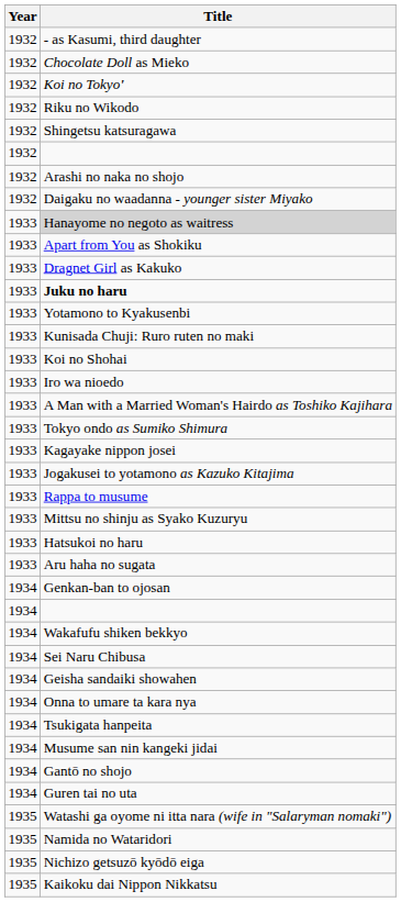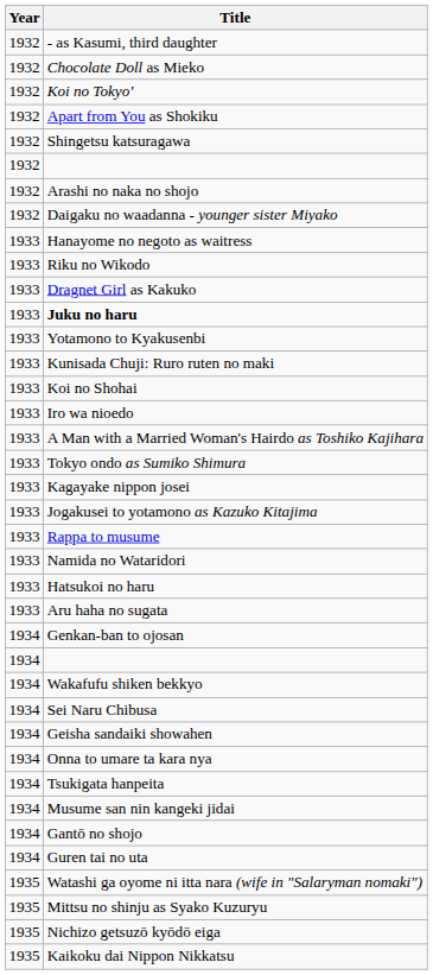 <table class="wikitable">
 <tr>
 <th>Year</th>
 <th>Title</th>
 </tr>
 <tr>
 <td>1932</td>
 <td> - as Kasumi, third daughter</td>
 </tr>
 <tr>
 <td>1932</td>
 <td><em>Chocolate Doll</em> as Mieko</td>
 </tr>
 <tr>
 <td>1932</td>
 <td><em>Koi no Tokyo<strong>'</td>
 </tr>
 <tr>
 <td>1932</td>
-<td></em>Riku no Wikodo<em></td>
+<td><a href='#'>Apart from You</a> as Shokiku</td>
 </tr>
 <tr>
 <td>1932</td>
 <td></em>Shingetsu katsuragawa<em></td>
 </tr>
 <tr>
 <td>1932</td>
 <td></td>
 </tr>
 <tr>
 <td>1932</td>
 <td>Arashi no naka no shojo</td>
 </tr>
 <tr>
 <td>1932</td>
 <td></em>Daigaku no  waadanna<em> - younger sister Miyako</td>
 </tr>
 <tr>
 <td>1933</td>
-<td style="background: lightgrey;"></em>Hanayome no negoto</strong> as waitress</td>
+<td></em>Hanayome no negoto</strong> as waitress</td>
 </tr>
 <tr>
 <td>1933</td>
-<td><a href='#'>Apart from You</a> as Shokiku</td>
+<td></em>Riku no Wikodo<em></td>
 </tr>
 <tr>
 <td>1933</td>
 <td><a href='#'>Dragnet Girl</a> as Kakuko</td>
 </tr>
 <tr>
 <td>1933</td>
 <td><strong>Juku no haru<em></td>
 </tr>
 <tr>
 <td>1933</td>
 <td></em>Yotamono to Kyakusenbi<em></td>
 </tr>
 <tr>
 <td>1933</td>
 <td></em>Kunisada Chuji: Ruro ruten no maki<em></td>
 </tr>
 <tr>
 <td>1933</td>
 <td></em>Koi no Shohai<em></td>
 </tr>
 <tr>
 <td>1933</td>
 <td></em>Iro wa nioedo<em></td>
 </tr>
 <tr>
 <td>1933</td>
 <td></em>A Man with a Married Woman's Hairdo<em> as Toshiko Kajihara</td>
 </tr>
 <tr>
 <td>1933</td>
 <td></em>Tokyo ondo<em> as Sumiko Shimura</td>
 </tr>
 <tr>
 <td>1933</td>
 <td>Kagayake nippon josei</td>
 </tr>
 <tr>
 <td>1933</td>
 <td></em>Jogakusei to yotamono<em> as Kazuko Kitajima</td>
 </tr>
 <tr>
 <td>1933</td>
 <td></em><a href='#'>Rappa to musume</a><em></td>
 </tr>
 <tr>
 <td>1933</td>
-<td></em>Mittsu no shinju as Syako Kuzuryu<em></td>
+<td></em>Namida no Wataridori<em></td>
 </tr>
 <tr>
 <td>1933</td>
 <td></em>Hatsukoi no haru<em></td>
 </tr>
 <tr>
 <td>1933</td>
 <td></em>Aru haha no sugata<em></td>
 </tr>
 <tr>
 <td>1934</td>
 <td></em>Genkan-ban to ojosan<em></td>
 </tr>
 <tr>
 <td>1934</td>
 <td></td>
 </tr>
 <tr>
 <td>1934</td>
 <td></em>Wakafufu shiken bekkyo<em></td>
 </tr>
 <tr>
 <td>1934</td>
 <td></em>Sei Naru Chibusa<em></td>
 </tr>
 <tr>
 <td>1934</td>
 <td></em>Geisha sandaiki showahen<em></td>
 </tr>
 <tr>
 <td>1934</td>
 <td></em>Onna to umare ta kara nya<em></td>
 </tr>
 <tr>
 <td>1934</td>
 <td></em>Tsukigata hanpeita<em></td>
 </tr>
 <tr>
 <td>1934</td>
 <td></em>Musume san nin kangeki jidai<em></td>
 </tr>
 <tr>
 <td>1934</td>
 <td></em>Gantō no shojo<em></td>
 </tr>
 <tr>
 <td>1934</td>
 <td></em>Guren tai no uta<em></td>
 </tr>
 <tr>
 <td>1935</td>
 <td></em>Watashi ga oyome ni itta nara<em> (wife  in "Salaryman nomaki")</td>
 </tr>
 <tr>
 <td>1935</td>
-<td></em>Namida no Wataridori<em></td>
+<td></em>Mittsu no shinju as Syako Kuzuryu<em></td>
 </tr>
 <tr>
 <td>1935</td>
 <td></em>Nichizo getsuzō  kyōdō eiga<em></td>
 </tr>
 <tr>
 <td>1935</td>
 <td></em>Kaikoku dai Nippon Nikkatsu<em></td>
 </tr>
 </table>
